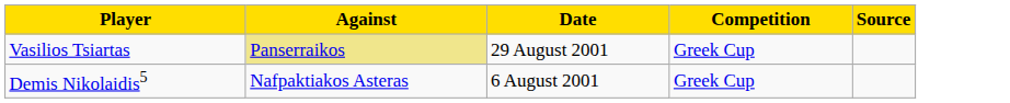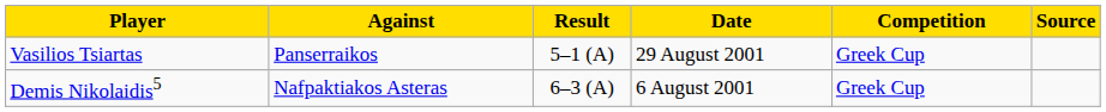 <table class="wikitable">
 <tr>
 <th width=200 style="background:#FFDE00">Player</th>
 <th width=200 style="background:#FFDE00">Against</th>
+<th width=70 style="background:#FFDE00">Result</th>
 <th width=150 style="background:#FFDE00">Date</th>
 <th width=150 style="background:#FFDE00">Competition</th>
 <th style="background:#FFDE00">Source</th>
 </tr>
 <tr>
 <td> <a href='#'>Vasilios Tsiartas</a></td>
-<td style="background: khaki;"> <a href='#'>Panserraikos</a></td>
+<td> <a href='#'>Panserraikos</a></td>
+<td align=center>5–1 (A)</td>
 <td>29 August 2001</td>
 <td><a href='#'>Greek Cup</a></td>
 <td align=center></td>
 </tr>
 <tr>
 <td> <a href='#'>Demis Nikolaidis</a><sup>5</sup></td>
 <td> <a href='#'>Nafpaktiakos Asteras</a></td>
+<td align=center>6–3 (A)</td>
 <td>6 August 2001</td>
 <td><a href='#'>Greek Cup</a></td>
 <td align=center></td>
 </tr>
 </table>
